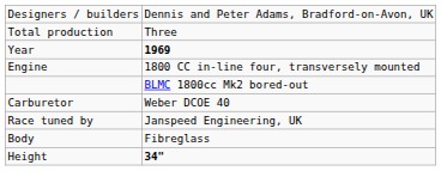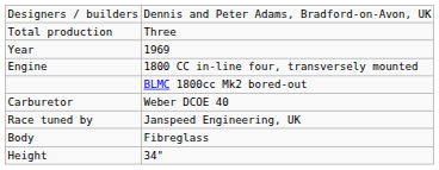 <table class="wikitable">
 <tr>
 <td>Designers / builders</td>
 <td>Dennis and Peter Adams, Bradford-on-Avon, UK</td>
 </tr>
 <tr>
 <td>Total production</td>
 <td>Three</td>
 </tr>
 <tr>
 <td>Year</td>
-<td><strong>1969</strong></td>
+<td>1969</td>
 </tr>
 <tr>
 <td>Engine</td>
 <td>1800 CC in-line four, transversely mounted</td>
 </tr>
 <tr>
 <td></td>
 <td><a href='#'>BLMC</a> 1800cc Mk2 bored-out</td>
 </tr>
 <tr>
 <td>Carburetor</td>
 <td>Weber DCOE 40</td>
 </tr>
 <tr>
 <td>Race tuned by</td>
 <td>Janspeed Engineering, UK</td>
 </tr>
 <tr>
 <td>Body</td>
 <td>Fibreglass</td>
 </tr>
 <tr>
 <td>Height</td>
-<td><strong>34"</strong></td>
+<td>34"</td>
 </tr>
 </table>
